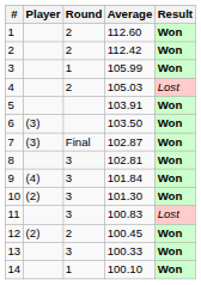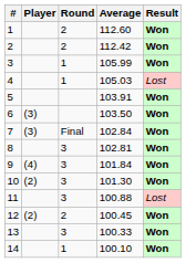 <table class ="wikitable sortable">
 <tr>
 <th>#</th>
 <th>Player</th>
 <th>Round</th>
 <th>Average</th>
 <th>Result</th>
 </tr>
 <tr>
 <td>1</td>
 <td></td>
 <td>2</td>
 <td>112.60</td>
 <td style="background:#CCFFCC;"><strong>Won</strong></td>
 </tr>
 <tr>
 <td>2</td>
 <td></td>
 <td>2</td>
 <td>112.42</td>
 <td style="background:#CCFFCC;"><strong>Won</strong></td>
 </tr>
 <tr>
 <td>3</td>
 <td></td>
 <td>1</td>
 <td>105.99</td>
 <td style="background:#CCFFCC;"><strong>Won</strong></td>
 </tr>
 <tr>
 <td>4</td>
 <td></td>
-<td>2</td>
+<td>1</td>
 <td>105.03</td>
 <td style="background:#FFccCC;"><em>Lost</em></td>
 </tr>
 <tr>
 <td>5</td>
 <td></td>
 <td></td>
 <td>103.91</td>
 <td style="background:#CCFFCC;"><strong>Won</strong></td>
 </tr>
 <tr>
 <td>6</td>
 <td> (3)</td>
 <td></td>
 <td>103.50</td>
 <td style="background:#CCFFCC;"><strong>Won</strong></td>
 </tr>
 <tr>
 <td>7</td>
 <td> (3)</td>
 <td>Final</td>
-<td>102.87</td>
+<td>102.84</td>
 <td style="background:#CCFFCC;"><strong>Won</strong></td>
 </tr>
 <tr>
 <td>8</td>
 <td></td>
 <td>3</td>
 <td>102.81</td>
 <td style="background:#CCFFCC;"><strong>Won</strong></td>
 </tr>
 <tr>
 <td>9</td>
 <td> (4)</td>
 <td>3</td>
 <td>101.84</td>
 <td style="background:#CCFFCC;"><strong>Won</strong></td>
 </tr>
 <tr>
 <td>10</td>
 <td> (2)</td>
 <td>3</td>
 <td>101.30</td>
 <td style="background:#CCFFCC;"><strong>Won</strong></td>
 </tr>
 <tr>
 <td>11</td>
 <td></td>
 <td>3</td>
-<td>100.83</td>
+<td>100.88</td>
 <td style="background:#FFccCC;"><em>Lost</em></td>
 </tr>
 <tr>
 <td>12</td>
 <td> (2)</td>
 <td>2</td>
 <td>100.45</td>
 <td style="background:#CCFFCC;"><strong>Won</strong></td>
 </tr>
 <tr>
 <td>13</td>
 <td></td>
 <td>3</td>
 <td>100.33</td>
 <td style="background:#CCFFCC;"><strong>Won</strong></td>
 </tr>
 <tr>
 <td>14</td>
 <td></td>
 <td>1</td>
 <td>100.10</td>
 <td style="background:#CCFFCC;"><strong>Won</strong></td>
 </tr>
 </table>
